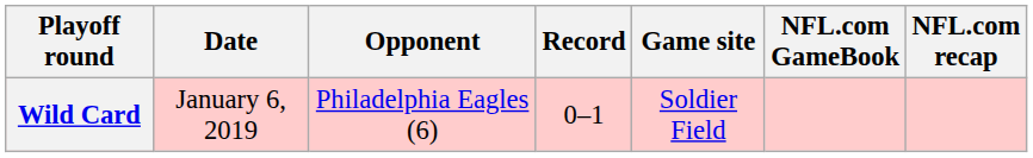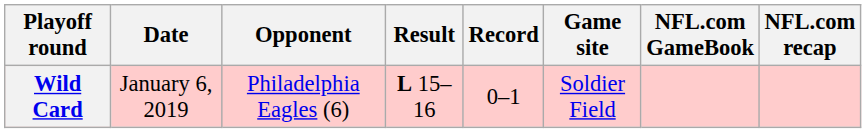 <table class="wikitable" style="text-align:center">
 <tr>
 <th>Playoff round</th>
 <th>Date</th>
 <th>Opponent</th>
+<th>Result</th>
 <th>Record</th>
 <th>Game site</th>
 <th>NFL.com<br>GameBook</th>
 <th>NFL.com<br>recap</th>
 </tr>
 <tr style="background:#fcc">
 <th><a href='#'><span>Wild Card</span></a></th>
 <td>January 6, 2019</td>
 <td><a href='#'>Philadelphia Eagles</a> (6)</td>
+<td><strong>L</strong> 15–16</td>
 <td>0–1</td>
 <td><a href='#'>Soldier Field</a></td>
 <td></td>
 <td></td>
 </tr>
 </table>
